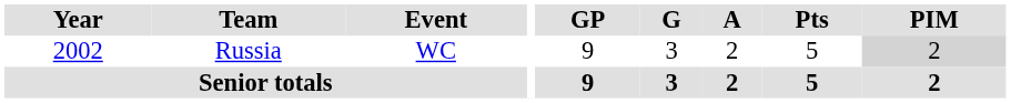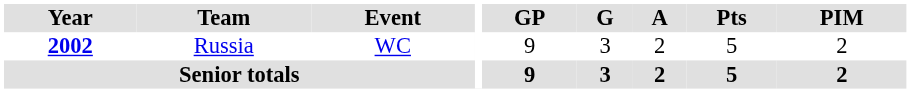 <table border="0" cellpadding="1" cellspacing="0" ID="Table3" style="text-align:center; width:40em">
 <tr ALIGN="center" bgcolor="#e0e0e0">
 <th>Year</th>
 <th>Team</th>
 <th>Event</th>
 <th rowspan="99" bgcolor="#ffffff"></th>
 <th>GP</th>
 <th>G</th>
 <th>A</th>
 <th>Pts</th>
 <th>PIM</th>
 </tr>
 <tr>
-<td><a href='#'>2002</a></td>
+<td><strong><a href='#'>2002</a></strong></td>
 <td><a href='#'>Russia</a></td>
 <td><a href='#'>WC</a></td>
 <td>9</td>
 <td>3</td>
 <td>2</td>
 <td>5</td>
-<td style="background: lightgrey;">2</td>
+<td>2</td>
 </tr>
 <tr bgcolor="#e0e0e0">
 <th colspan="3">Senior totals</th>
 <th>9</th>
 <th>3</th>
 <th>2</th>
 <th>5</th>
 <th>2</th>
 </tr>
 </table>
